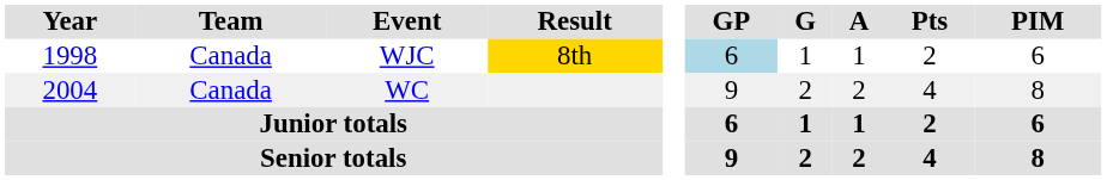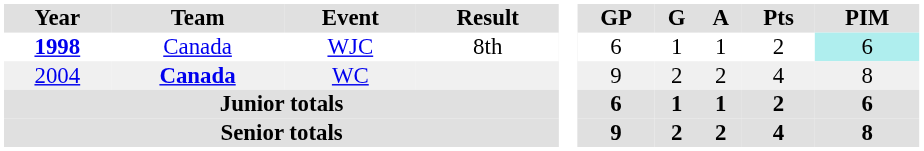 <table border="0" cellpadding="1" cellspacing="0" style="text-align:center; width:40em">
 <tr ALIGN="center" bgcolor="#e0e0e0">
 <th>Year</th>
 <th>Team</th>
 <th>Event</th>
 <th>Result</th>
 <th rowspan="99" bgcolor="#ffffff"> </th>
 <th>GP</th>
 <th>G</th>
 <th>A</th>
 <th>Pts</th>
 <th>PIM</th>
 </tr>
 <tr>
-<td><a href='#'>1998</a></td>
+<td><strong><a href='#'>1998</a></strong></td>
 <td><a href='#'>Canada</a></td>
 <td><a href='#'>WJC</a></td>
-<td style="background: gold;">8th</td>
-<td style="background: lightblue;">6</td>
+<td>8th</td>
+<td>6</td>
 <td>1</td>
 <td>1</td>
 <td>2</td>
-<td>6</td>
+<td style="background: paleturquoise;">6</td>
 </tr>
 <tr bgcolor="#f0f0f0">
 <td><a href='#'>2004</a></td>
-<td><a href='#'>Canada</a></td>
+<td><strong><a href='#'>Canada</a></strong></td>
 <td><a href='#'>WC</a></td>
 <td></td>
 <td>9</td>
 <td>2</td>
 <td>2</td>
 <td>4</td>
 <td>8</td>
 </tr>
 <tr bgcolor="#e0e0e0">
 <th colspan=4>Junior totals</th>
 <th>6</th>
 <th>1</th>
 <th>1</th>
 <th>2</th>
 <th>6</th>
 </tr>
 <tr bgcolor="#e0e0e0">
 <th colspan=4>Senior totals</th>
 <th>9</th>
 <th>2</th>
 <th>2</th>
 <th>4</th>
 <th>8</th>
 </tr>
 </table>
